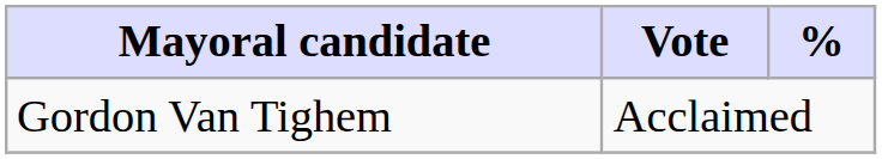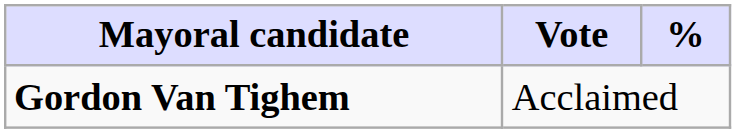 <table class="wikitable">
 <tr>
 <th style="background:#ddf; width:200px;">Mayoral candidate</th>
 <th style="background:#ddf; width:50px;">Vote</th>
 <th style="background:#ddf; width:30px;">%</th>
 </tr>
 <tr>
-<td>Gordon Van Tighem</td>
+<td><strong>Gordon Van Tighem</strong></td>
 <td colspan="2">Acclaimed</td>
 </tr>
 </table>
